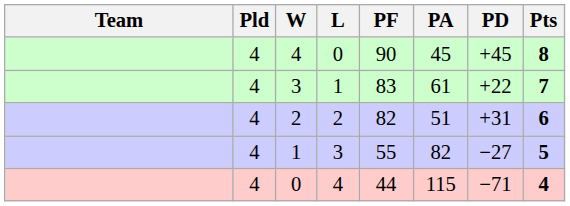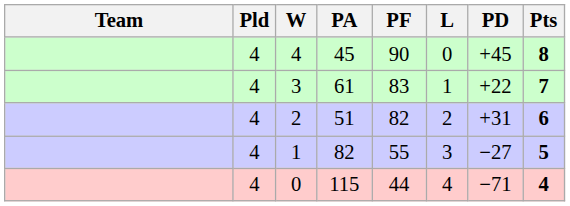 <table class=wikitable style="text-align:center">
 <tr>
 <th width=170>Team</th>
 <th width=25>Pld</th>
 <th width=25>W</th>
+<th width=35>PA</th>
+<th width=35>PF</th>
 <th width=25>L</th>
-<th width=35>PF</th>
-<th width=35>PA</th>
 <th width=35>PD</th>
 <th width=25>Pts</th>
 </tr>
 <tr bgcolor=ccffcc>
 <td style="text-align:left"></td>
 <td>4</td>
 <td>4</td>
+<td>45</td>
+<td>90</td>
 <td>0</td>
-<td>90</td>
-<td>45</td>
 <td>+45</td>
 <td><strong>8</strong></td>
 </tr>
 <tr bgcolor=ccffcc>
 <td style="text-align:left"></td>
 <td>4</td>
 <td>3</td>
+<td>61</td>
+<td>83</td>
 <td>1</td>
-<td>83</td>
-<td>61</td>
 <td>+22</td>
 <td><strong>7</strong></td>
 </tr>
 <tr bgcolor=ccccff>
 <td style="text-align:left"></td>
 <td>4</td>
 <td>2</td>
+<td>51</td>
+<td>82</td>
 <td>2</td>
-<td>82</td>
-<td>51</td>
 <td>+31</td>
 <td><strong>6</strong></td>
 </tr>
 <tr bgcolor=ccccff>
 <td style="text-align:left"></td>
 <td>4</td>
 <td>1</td>
+<td>82</td>
+<td>55</td>
 <td>3</td>
-<td>55</td>
-<td>82</td>
 <td>−27</td>
 <td><strong>5</strong></td>
 </tr>
 <tr bgcolor=ffcccc>
 <td style="text-align:left"></td>
 <td>4</td>
 <td>0</td>
+<td>115</td>
+<td>44</td>
 <td>4</td>
-<td>44</td>
-<td>115</td>
 <td>−71</td>
 <td><strong>4</strong></td>
 </tr>
 </table>
